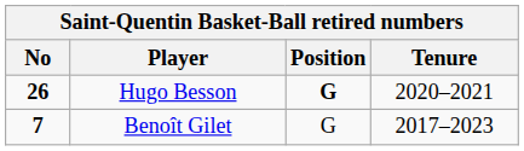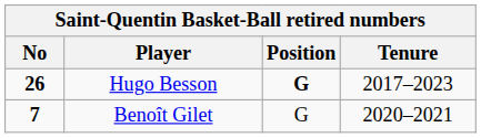 <table class="wikitable" style="text-align:center">
 <tr>
 <th colspan="5">Saint-Quentin Basket-Ball retired numbers</th>
 </tr>
 <tr>
 <th style="width:40px; ">No</th>
 <th style="width:150px; ">Player</th>
 <th style="width:40px; ">Position</th>
 <th style="width:100px; ">Tenure</th>
 </tr>
 <tr>
 <td><strong>26</strong></td>
 <td><a href='#'>Hugo Besson</a></td>
 <td><strong>G</strong></td>
-<td>2020–2021</td>
+<td>2017–2023</td>
 </tr>
 <tr>
 <td><strong>7</strong></td>
 <td><a href='#'>Benoît Gilet</a></td>
 <td>G</td>
-<td>2017–2023</td>
+<td>2020–2021</td>
 </tr>
 </table>
